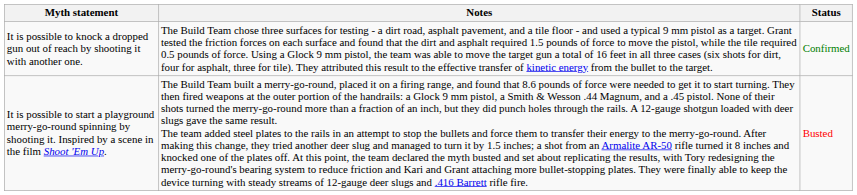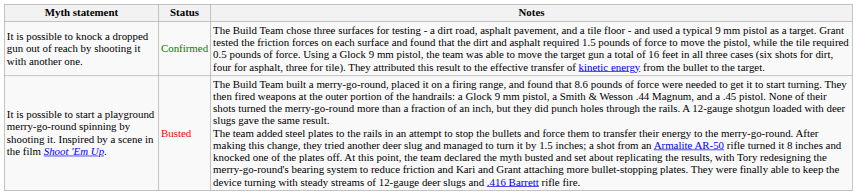 <table class="wikitable plainrowheaders">
 <tr>
 <th>Myth statement</th>
+<th>Status</th>
 <th>Notes</th>
-<th>Status</th>
 </tr>
 <tr>
 <td>It is possible to knock a dropped gun out of reach by shooting it with another one.</td>
+<td style="color:green">Confirmed</td>
 <td>The Build Team chose three surfaces for testing - a dirt road, asphalt pavement, and a tile floor - and used a typical 9 mm pistol as a target. Grant tested the friction forces on each surface and found that the dirt and asphalt required 1.5 pounds of force to move the pistol, while the tile required 0.5 pounds of force. Using a Glock 9 mm pistol, the team was able to move the target gun a total of 16 feet in all three cases (six shots for dirt, four for asphalt, three for tile). They attributed this result to the effective transfer of <a href='#'>kinetic energy</a> from the bullet to the target.</td>
-<td style="color:green">Confirmed</td>
 </tr>
 <tr>
 <td>It is possible to start a playground merry-go-round spinning by shooting it. Inspired by a scene in the film <em><a href='#'>Shoot 'Em Up</a></em>.</td>
+<td style="color:red">Busted</td>
 <td>The Build Team built a merry-go-round, placed it on a firing range, and found that 8.6 pounds of force were needed to get it to start turning. They then fired weapons at the outer portion of the handrails: a Glock 9 mm pistol, a Smith & Wesson .44 Magnum, and a .45 pistol. None of their shots turned the merry-go-round more than a fraction of an inch, but they did punch holes through the rails. A 12-gauge shotgun loaded with deer slugs gave the same result.<br>The team added steel plates to the rails in an attempt to stop the bullets and force them to transfer their energy to the merry-go-round. After making this change, they tried another deer slug and managed to turn it by 1.5 inches; a shot from an <a href='#'>Armalite AR-50</a> rifle turned it 8 inches and knocked one of the plates off. At this point, the team declared the myth busted and set about replicating the results, with Tory redesigning the merry-go-round's bearing system to reduce friction and Kari and Grant attaching more bullet-stopping plates. They were finally able to keep the device turning with steady streams of 12-gauge deer slugs and <a href='#'>.416 Barrett</a> rifle fire.</td>
-<td style="color:red">Busted</td>
 </tr>
 </table>
